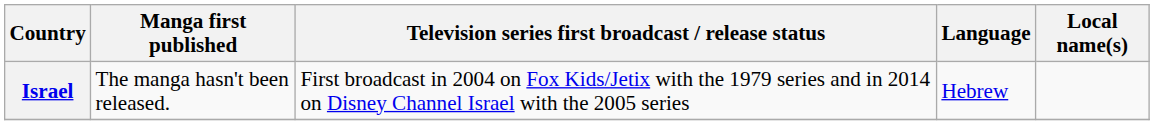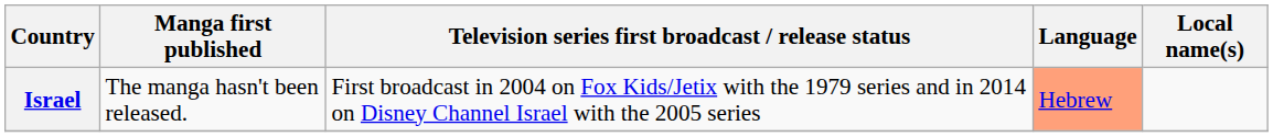 <table class=wikitable>
 <tr align=center>
 <th>Country</th>
 <th>Manga first published</th>
 <th>Television series first broadcast / release status</th>
 <th>Language</th>
 <th>Local name(s)</th>
 </tr>
 <tr>
 <th><a href='#'>Israel</a></th>
 <td>The manga hasn't been released.</td>
 <td>First broadcast in 2004 on <a href='#'>Fox Kids/Jetix</a> with the 1979 series and in 2014 on <a href='#'>Disney Channel Israel</a> with the 2005 series</td>
-<td><a href='#'>Hebrew</a></td>
+<td style="background: lightsalmon;"><a href='#'>Hebrew</a></td>
 <td></td>
 </tr>
 <tr>
 </tr>
 </table>
